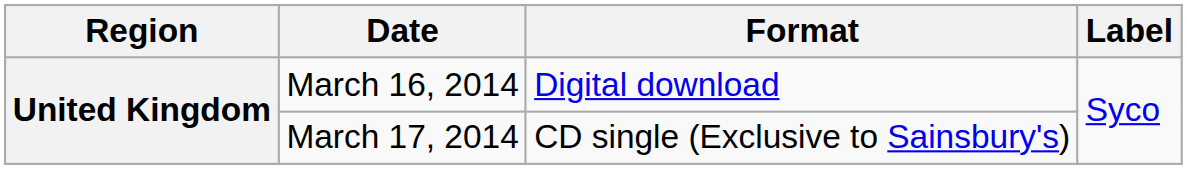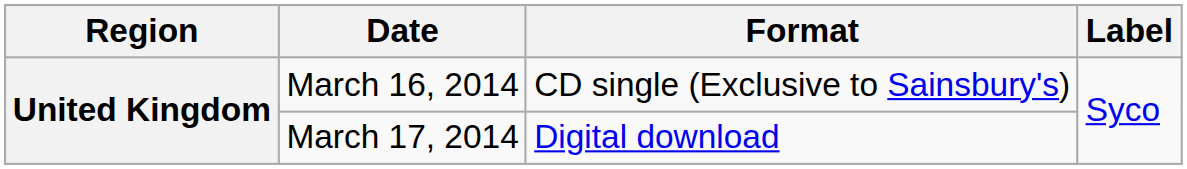 <table class="wikitable plainrowheaders">
 <tr>
 <th scope="col">Region</th>
 <th scope="col">Date</th>
 <th scope="col">Format</th>
 <th scope="col">Label</th>
 </tr>
 <tr>
 <th scope="row" rowspan="2">United Kingdom</th>
 <td>March 16, 2014</td>
-<td><a href='#'>Digital download</a></td>
+<td>CD single (Exclusive to <a href='#'>Sainsbury's</a>)</td>
 <td rowspan="2"><a href='#'>Syco</a></td>
 </tr>
 <tr>
 <td>March 17, 2014</td>
-<td>CD single (Exclusive to <a href='#'>Sainsbury's</a>)</td>
+<td><a href='#'>Digital download</a></td>
 </tr>
 </table>
